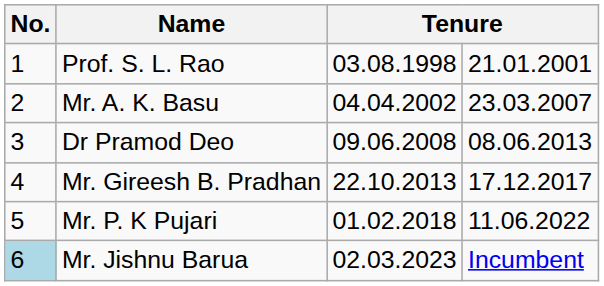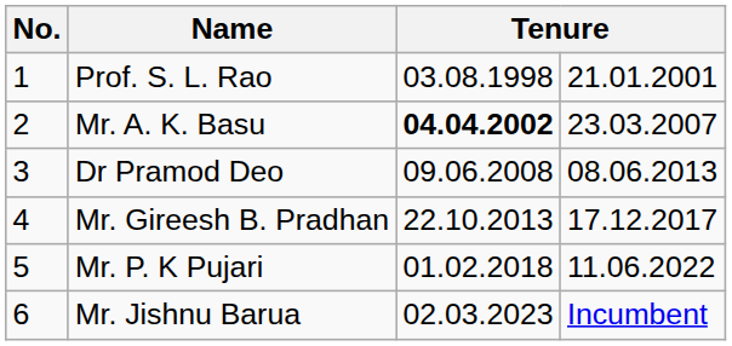 <table class="wikitable sortable" align="center" style="clear:center">
 <tr>
 <th>No.</th>
 <th>Name</th>
 <th colspan="2">Tenure</th>
 </tr>
 <tr>
 <td>1</td>
 <td>Prof. S. L. Rao</td>
 <td>03.08.1998</td>
 <td>21.01.2001</td>
 </tr>
 <tr>
 <td>2</td>
 <td>Mr. A. K. Basu</td>
-<td>04.04.2002</td>
+<td><strong>04.04.2002</strong></td>
 <td>23.03.2007</td>
 </tr>
 <tr>
 <td>3</td>
 <td>Dr Pramod Deo</td>
 <td>09.06.2008</td>
 <td>08.06.2013</td>
 </tr>
 <tr>
 <td>4</td>
 <td>Mr. Gireesh B. Pradhan</td>
 <td>22.10.2013</td>
 <td>17.12.2017</td>
 </tr>
 <tr>
 <td>5</td>
 <td>Mr. P. K Pujari</td>
 <td>01.02.2018</td>
 <td>11.06.2022</td>
 </tr>
 <tr>
-<td style="background: lightblue;">6</td>
+<td>6</td>
 <td>Mr. Jishnu Barua</td>
 <td>02.03.2023</td>
 <td><a href='#'>Incumbent</a></td>
 </tr>
 </table>
